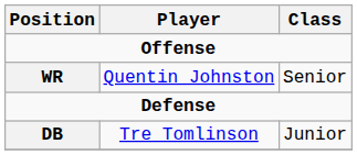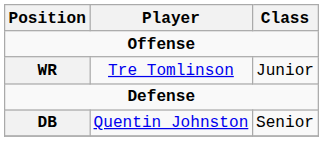 <table class="wikitable">
 <tr>
 <th>Position</th>
 <th>Player</th>
 <th>Class</th>
 </tr>
 <tr>
 <td colspan="4" style="text-align:center; "><strong>Offense</strong></td>
 </tr>
 <tr style="text-align:center;">
 <th rowspan="1">WR</th>
-<td><a href='#'>Quentin Johnston</a></td>
-<td>Senior</td>
+<td><a href='#'>Tre Tomlinson</a></td>
+<td>Junior</td>
 </tr>
 <tr>
 <td colspan="4" style="text-align:center; "><strong>Defense</strong></td>
 </tr>
 <tr style="text-align:center;">
 <th rowspan="1">DB</th>
-<td><a href='#'>Tre Tomlinson</a></td>
-<td>Junior</td>
+<td><a href='#'>Quentin Johnston</a></td>
+<td>Senior</td>
 </tr>
 <tr>
 </tr>
 </table>
